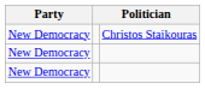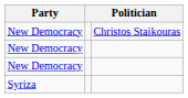 <table class="wikitable">
 <tr>
 <th>Party</th>
 <th colspan="2">Politician</th>
 </tr>
 <tr>
 <td><a href='#'>New Democracy</a></td>
 <td width="1"></td>
 <td><a href='#'>Christos Staikouras</a></td>
 </tr>
 <tr>
 <td><a href='#'>New Democracy</a></td>
 <td width="1"></td>
 <td></td>
 </tr>
 <tr>
 <td><a href='#'>New Democracy</a></td>
 <td width="1"></td>
 <td></td>
 </tr>
+<tr>
+<td><a href='#'>Syriza</a></td>
+<td></td>
+<td></td>
+</tr>
 </table>
